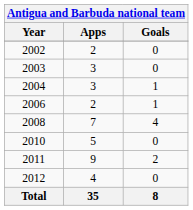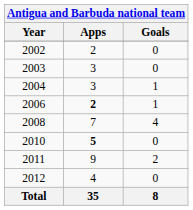 <table class="wikitable" style="text-align:center">
 <tr>
 <th colspan=3><a href='#'>Antigua and Barbuda national team</a></th>
 </tr>
 <tr>
 <th>Year</th>
 <th>Apps</th>
 <th>Goals</th>
 </tr>
 <tr>
 </tr>
 <tr>
 <td>2002</td>
 <td>2</td>
 <td>0</td>
 </tr>
 <tr>
 <td>2003</td>
 <td>3</td>
 <td>0</td>
 </tr>
 <tr>
 <td>2004</td>
 <td>3</td>
 <td>1</td>
 </tr>
 <tr>
 <td>2006</td>
-<td>2</td>
+<td><strong>2</strong></td>
 <td>1</td>
 </tr>
 <tr>
 <td>2008</td>
 <td>7</td>
 <td>4</td>
 </tr>
 <tr>
 <td>2010</td>
-<td>5</td>
+<td><strong>5</strong></td>
 <td>0</td>
 </tr>
 <tr>
 <td>2011</td>
 <td>9</td>
 <td>2</td>
 </tr>
 <tr>
 <td>2012</td>
 <td>4</td>
 <td>0</td>
 </tr>
 <tr>
 <th>Total</th>
 <th>35</th>
 <th>8</th>
 </tr>
 </table>
